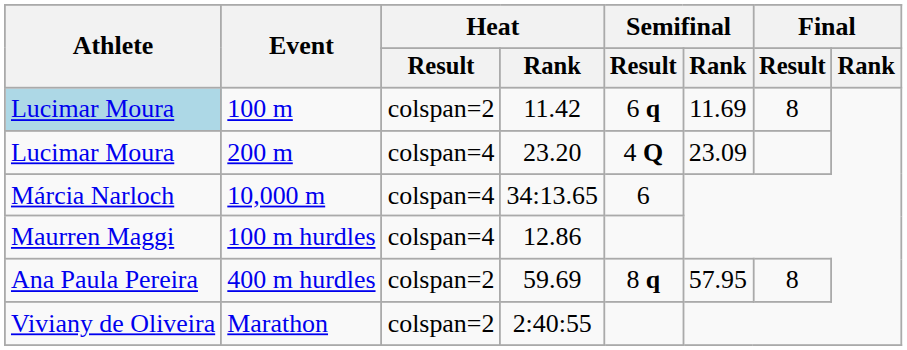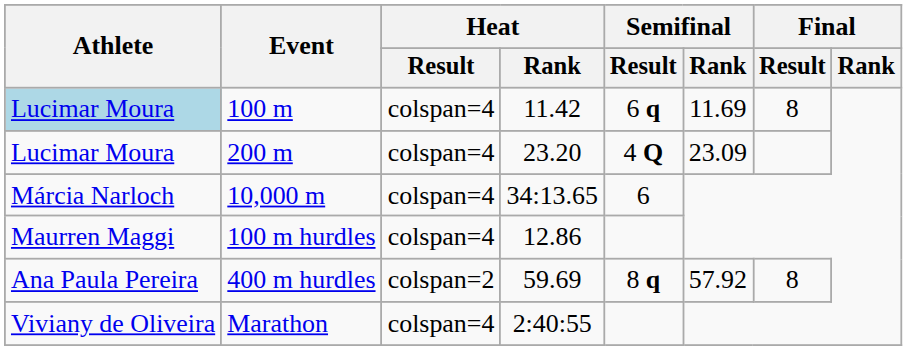 <table class="wikitable" style="font-size:90%">
 <tr>
 <th rowspan="2">Athlete</th>
 <th rowspan="2">Event</th>
 <th colspan="2">Heat</th>
 <th colspan="2">Semifinal</th>
 <th colspan="2">Final</th>
 </tr>
 <tr style="font-size:95%">
 <th>Result</th>
 <th>Rank</th>
 <th>Result</th>
 <th>Rank</th>
 <th>Result</th>
 <th>Rank</th>
 </tr>
 <tr align=center>
 <td align=left style="background: lightblue;"><a href='#'>Lucimar Moura</a></td>
 <td align=left><a href='#'>100 m</a></td>
-<td>colspan=2 </td>
+<td>colspan=4 </td>
 <td>11.42</td>
 <td>6 <strong>q</strong></td>
 <td>11.69</td>
 <td>8</td>
 </tr>
 <tr align=center>
 <td align=left><a href='#'>Lucimar Moura</a></td>
 <td align=left><a href='#'>200 m</a></td>
 <td>colspan=4 </td>
 <td>23.20</td>
 <td>4 <strong>Q</strong></td>
 <td>23.09</td>
 <td></td>
 </tr>
 <tr align=center>
 <td align=left><a href='#'>Márcia Narloch</a></td>
 <td align=left><a href='#'>10,000 m</a></td>
 <td>colspan=4 </td>
 <td>34:13.65</td>
 <td>6</td>
 </tr>
 <tr align=center>
 <td align=left><a href='#'>Maurren Maggi</a></td>
 <td align=left><a href='#'>100 m hurdles</a></td>
 <td>colspan=4 </td>
 <td>12.86</td>
 <td></td>
 </tr>
 <tr align=center>
 <td align=left><a href='#'>Ana Paula Pereira</a></td>
 <td align=left><a href='#'>400 m hurdles</a></td>
 <td>colspan=2 </td>
 <td>59.69</td>
 <td>8 <strong>q</strong></td>
-<td>57.95</td>
+<td>57.92</td>
 <td>8</td>
 </tr>
 <tr align=center>
 <td align=left><a href='#'>Viviany de Oliveira</a></td>
 <td align=left><a href='#'>Marathon</a></td>
-<td>colspan=2 </td>
+<td>colspan=4 </td>
 <td>2:40:55</td>
 <td></td>
 </tr>
 </table>
